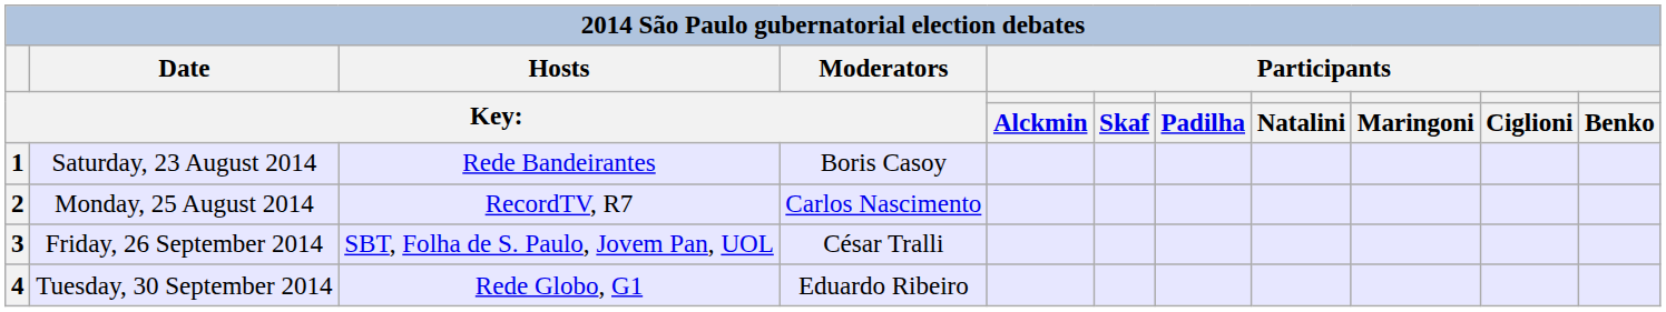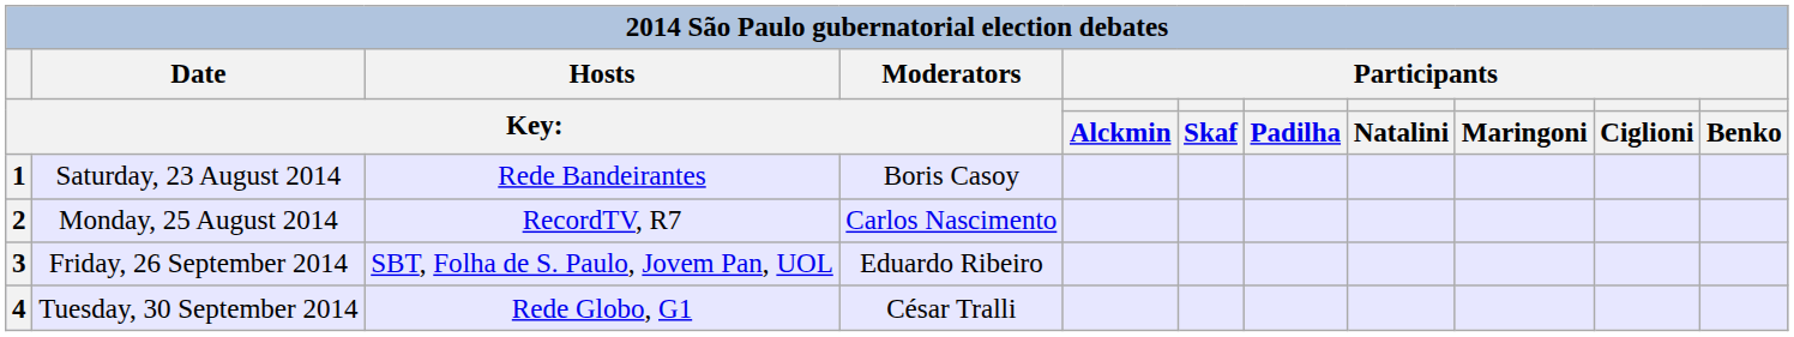 <table class="plainrowheaders wikitable" style=text-align:center>
 <tr>
 <th colspan=11 style=background:#B0C4DE>2014 São Paulo gubernatorial election debates</th>
 </tr>
 <tr style=line-height:1.3>
 <th></th>
 <th>Date</th>
 <th>Hosts</th>
 <th>Moderators</th>
 <th colspan=7 scope=col>Participants</th>
 </tr>
 <tr>
 <th colspan=4 rowspan=2>Key:<br></th>
 <th scope=col style=background:><small><a href='#'></a></small></th>
 <th scope=col style=background:><small><a href='#'></a></small></th>
 <th scope=col style=background:><small><a href='#'></a></small></th>
 <th scope=col style=background:><small><a href='#'></a></small></th>
 <th scope=col style=background:><small><a href='#'></a></small></th>
 <th scope=col style=background:><small><a href='#'></a></small></th>
 <th scope=col style=background:><small><a href='#'></a></small></th>
 </tr>
 <tr>
 <th><a href='#'>Alckmin</a></th>
 <th><a href='#'>Skaf</a></th>
 <th><a href='#'>Padilha</a></th>
 <th>Natalini</th>
 <th>Maringoni</th>
 <th>Ciglioni</th>
 <th>Benko</th>
 </tr>
 <tr style=background:#e7e7ff>
 <th scope=row style=text-align:center>1</th>
 <td>Saturday, 23 August 2014</td>
 <td><a href='#'>Rede Bandeirantes</a></td>
 <td>Boris Casoy</td>
 <td></td>
 <td></td>
 <td></td>
 <td></td>
 <td></td>
 <td></td>
 <td></td>
 </tr>
 <tr style=background:#e7e7ff>
 <th scope=row style=text-align:center>2</th>
 <td>Monday, 25 August 2014</td>
 <td><a href='#'>RecordTV</a>, R7</td>
 <td><a href='#'>Carlos Nascimento</a></td>
 <td></td>
 <td></td>
 <td></td>
 <td></td>
 <td></td>
 <td></td>
 <td></td>
 </tr>
 <tr style=background:#e7e7ff>
 <th scope=row style=text-align:center>3</th>
 <td>Friday, 26 September 2014</td>
 <td><a href='#'>SBT</a>, <a href='#'>Folha de S. Paulo</a>, <a href='#'>Jovem Pan</a>, <a href='#'>UOL</a></td>
-<td>César Tralli</td>
+<td>Eduardo Ribeiro</td>
 <td></td>
 <td></td>
 <td></td>
 <td></td>
 <td></td>
 <td></td>
 <td></td>
 </tr>
 <tr style=background:#e7e7ff>
 <th scope=row style=text-align:center>4</th>
 <td>Tuesday, 30 September 2014</td>
 <td><a href='#'>Rede Globo</a>, <a href='#'>G1</a></td>
-<td>Eduardo Ribeiro</td>
+<td>César Tralli</td>
 <td></td>
 <td></td>
 <td></td>
 <td></td>
 <td></td>
 <td></td>
 <td></td>
 </tr>
 </table>
